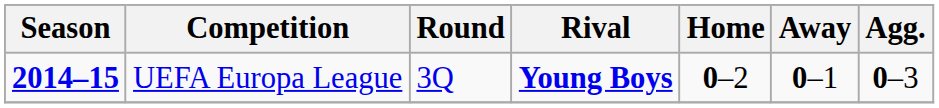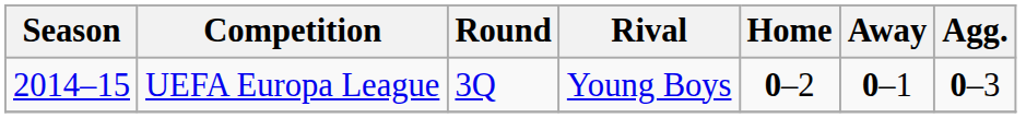 <table class="wikitable">
 <tr>
 <th>Season</th>
 <th>Competition</th>
 <th>Round</th>
 <th>Rival</th>
 <th>Home</th>
 <th>Away</th>
 <th>Agg.</th>
 </tr>
 <tr>
-<td><strong><a href='#'>2014–15</a></strong></td>
+<td><a href='#'>2014–15</a></td>
 <td><a href='#'>UEFA Europa League</a></td>
 <td><a href='#'>3Q</a></td>
-<td><strong> <a href='#'>Young Boys</a></strong></td>
+<td> <a href='#'>Young Boys</a></td>
 <td style="text-align:center;"><strong>0</strong>–2</td>
 <td style="text-align:center;"><strong>0</strong>–1</td>
 <td style="text-align:center;"><strong>0</strong>–3</td>
 </tr>
 <tr>
 </tr>
 </table>
